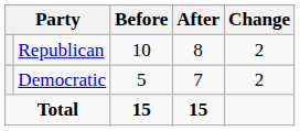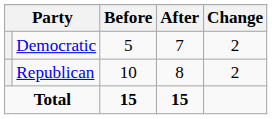 <table class="wikitable" style="text-align:center;">
 <tr>
 </tr>
 <tr>
 <th colspan=2>Party</th>
 <th>Before</th>
 <th>After</th>
 <th>Change</th>
 </tr>
 <tr>
 <th style="background-color:"></th>
-<td style="text-align:left;"><a href='#'>Republican</a></td>
-<td>10</td>
-<td>8</td>
+<td style="text-align:left;"><a href='#'>Democratic</a></td>
+<td>5</td>
+<td>7</td>
 <td> 2</td>
 </tr>
 <tr>
 <th style="background-color:"></th>
-<td style="text-align:left;"><a href='#'>Democratic</a></td>
-<td>5</td>
-<td>7</td>
+<td style="text-align:left;"><a href='#'>Republican</a></td>
+<td>10</td>
+<td>8</td>
 <td> 2</td>
 </tr>
 <tr>
 <td colspan=2><strong>Total</strong></td>
 <td><strong>15</strong></td>
 <td><strong>15</strong></td>
 <td></td>
 </tr>
 </table>
